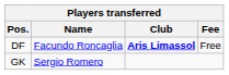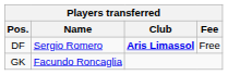 <table class="wikitable" style="font-size:95%;">
 <tr>
 <th colspan="5">Players transferred</th>
 </tr>
 <tr>
 <th>Pos.</th>
 <th>Name</th>
 <th>Club</th>
 <th>Fee</th>
 </tr>
 <tr>
 <td align="center">DF</td>
-<td> <a href='#'>Facundo Roncaglia</a></td>
+<td> <a href='#'>Sergio Romero</a></td>
 <td><strong> <a href='#'>Aris Limassol</a></strong></td>
 <td>Free</td>
 </tr>
 <tr>
 <td align="center">GK</td>
-<td> <a href='#'>Sergio Romero</a></td>
+<td> <a href='#'>Facundo Roncaglia</a></td>
 </tr>
 </table>
